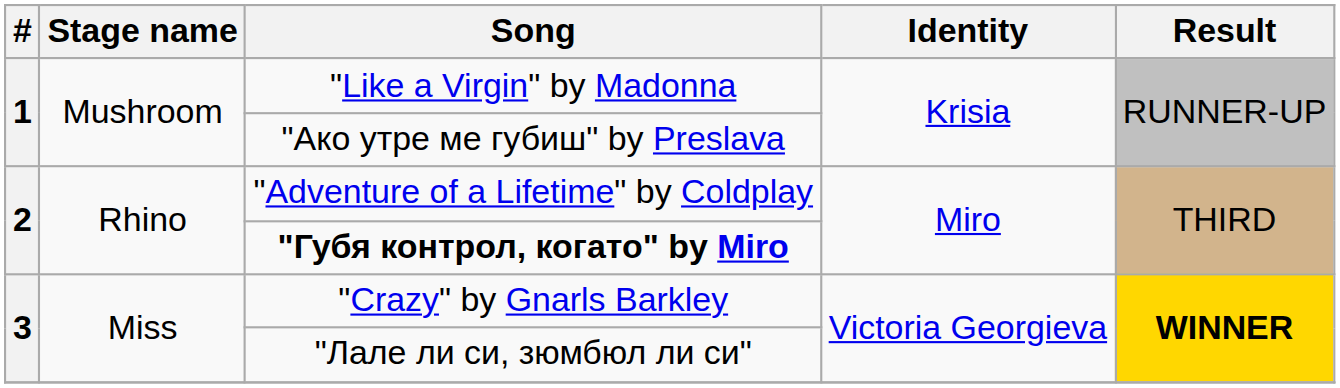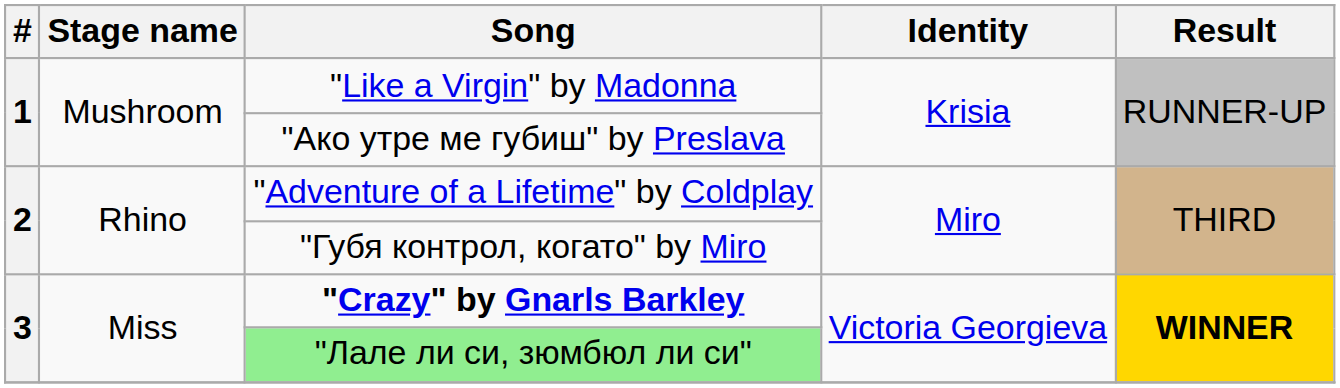 <table class="wikitable" plainrowheaders" style="text-align: center;">
 <tr>
 <th>#</th>
 <th>Stage name</th>
 <th>Song</th>
 <th>Identity</th>
 <th>Result</th>
 </tr>
 <tr>
 <th rowspan="2">1</th>
 <td rowspan="2">Mushroom</td>
 <td>"<a href='#'>Like a Virgin</a>" by <a href='#'>Madonna</a></td>
 <td rowspan="2"><a href='#'>Krisia</a></td>
 <td rowspan="2" bgcolor=silver>RUNNER-UP</td>
 </tr>
 <tr>
 <td>"Ако утре ме губиш" by <a href='#'>Preslava</a></td>
 </tr>
 <tr>
 <th rowspan="2">2</th>
 <td rowspan="2">Rhino</td>
 <td>"<a href='#'>Adventure of a Lifetime</a>" by <a href='#'>Coldplay</a></td>
 <td rowspan="2"><a href='#'>Miro</a></td>
 <td rowspan="2" bgcolor=tan>THIRD</td>
 </tr>
 <tr>
-<td><strong>"Губя контрол, когато" by <a href='#'>Miro</a></strong></td>
+<td>"Губя контрол, когато" by <a href='#'>Miro</a></td>
 </tr>
 <tr>
 <th rowspan="2">3</th>
 <td rowspan="2">Miss</td>
-<td>"<a href='#'>Crazy</a>" by <a href='#'>Gnarls Barkley</a></td>
+<td><strong>"<a href='#'>Crazy</a>" by <a href='#'>Gnarls Barkley</a></strong></td>
 <td rowspan="2"><a href='#'>Victoria Georgieva</a></td>
 <td rowspan="2" bgcolor=gold><strong>WINNER</strong></td>
 </tr>
 <tr>
-<td>"Лале ли си, зюмбюл ли си"</td>
+<td style="background: lightgreen;">"Лале ли си, зюмбюл ли си"</td>
 </tr>
 <tr>
 </tr>
 </table>
